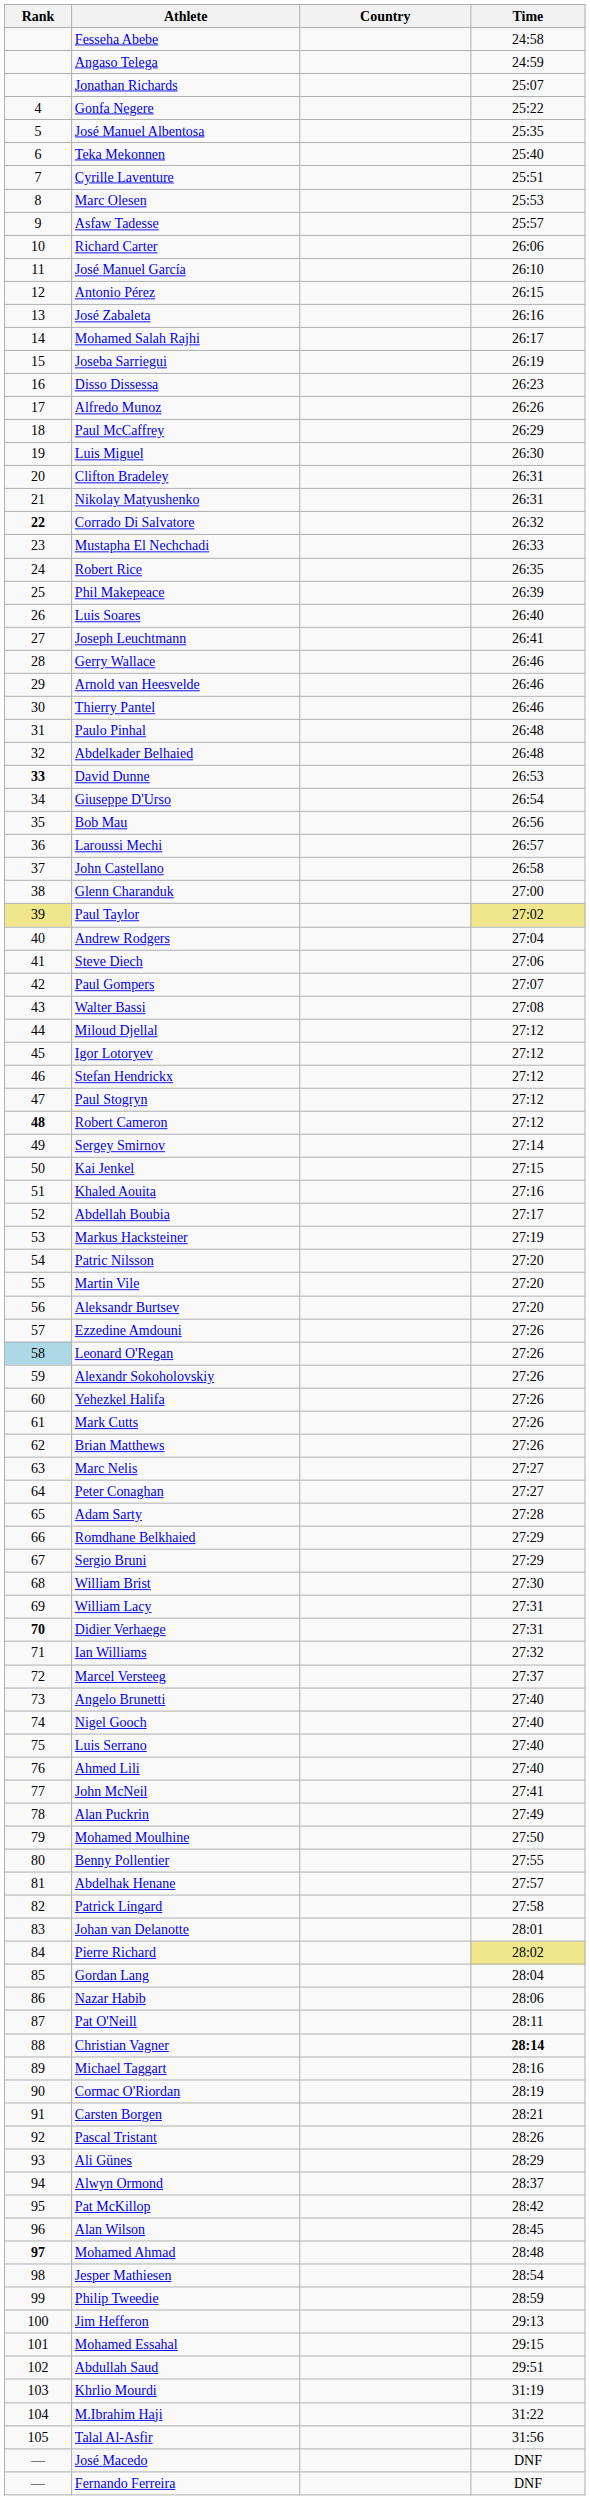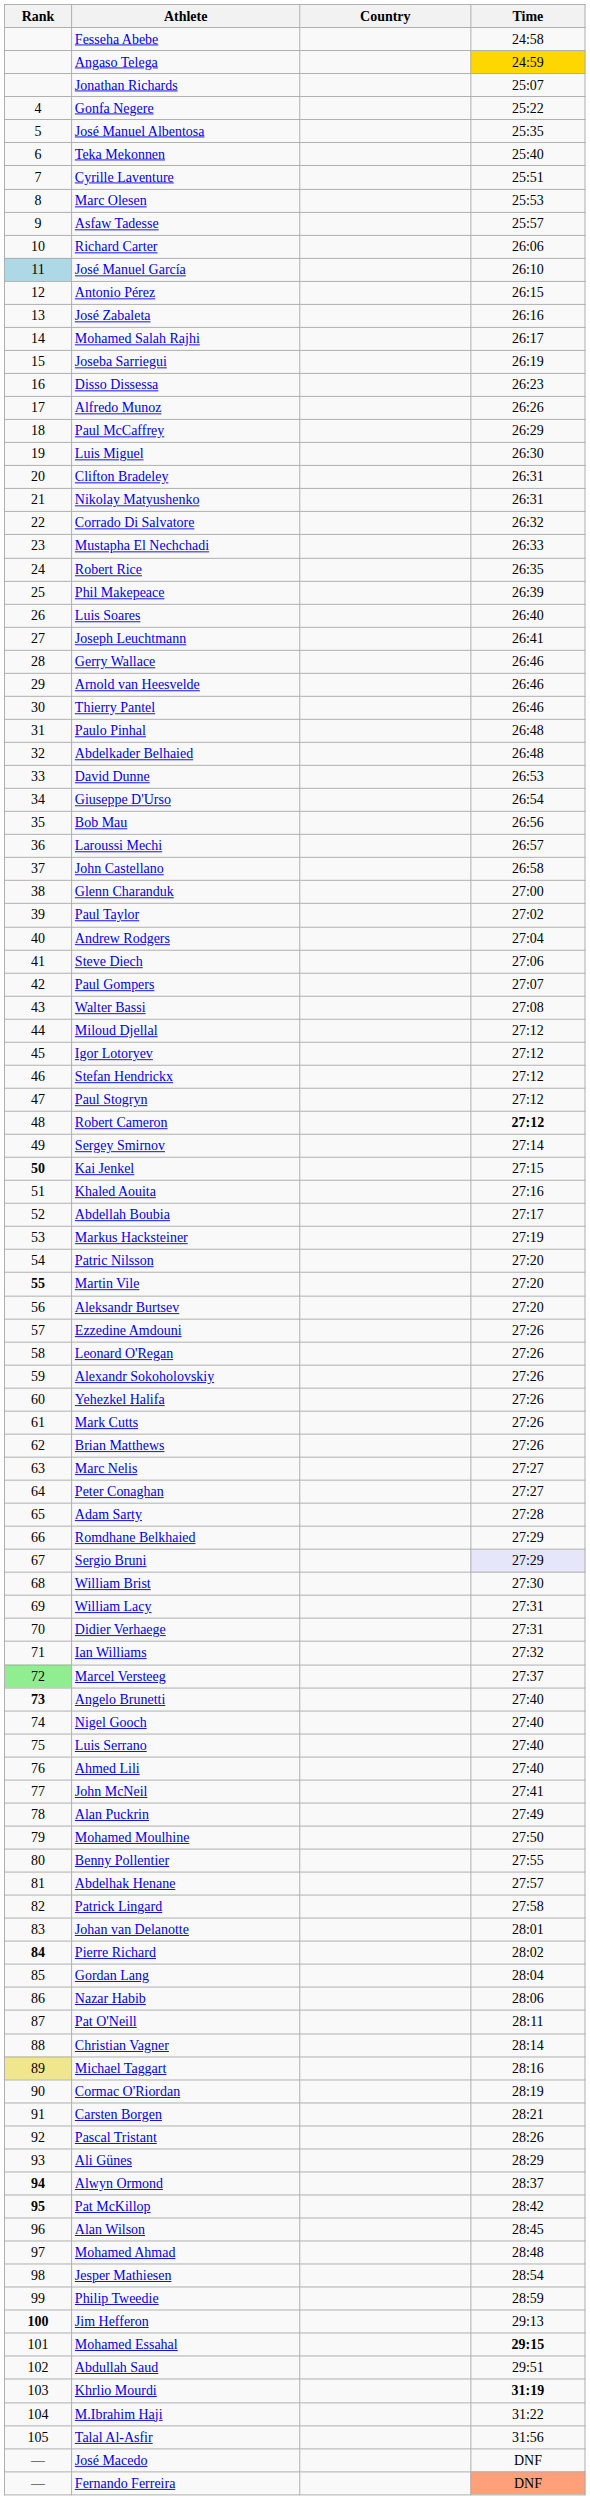 <table class="wikitable sortable" style=" text-align:center; font-size:95%;" width="50%">
 <tr>
 <th width=5%>Rank</th>
 <th width=20%>Athlete</th>
 <th width=15%>Country</th>
 <th width=10%>Time</th>
 </tr>
 <tr>
 <td align=center></td>
 <td align=left><a href='#'>Fesseha Abebe</a></td>
 <td align=left></td>
 <td>24:58</td>
 </tr>
 <tr>
 <td align=center></td>
 <td align=left><a href='#'>Angaso Telega</a></td>
 <td align=left></td>
-<td>24:59</td>
+<td style="background: gold;">24:59</td>
 </tr>
 <tr>
 <td align=center></td>
 <td align=left><a href='#'>Jonathan Richards</a></td>
 <td align=left></td>
 <td>25:07</td>
 </tr>
 <tr>
 <td align=center>4</td>
 <td align=left><a href='#'>Gonfa Negere</a></td>
 <td align=left></td>
 <td>25:22</td>
 </tr>
 <tr>
 <td align=center>5</td>
 <td align=left><a href='#'>José Manuel Albentosa</a></td>
 <td align=left></td>
 <td>25:35</td>
 </tr>
 <tr>
 <td align=center>6</td>
 <td align=left><a href='#'>Teka Mekonnen</a></td>
 <td align=left></td>
 <td>25:40</td>
 </tr>
 <tr>
 <td align=center>7</td>
 <td align=left><a href='#'>Cyrille Laventure</a></td>
 <td align=left></td>
 <td>25:51</td>
 </tr>
 <tr>
 <td align=center>8</td>
 <td align=left><a href='#'>Marc Olesen</a></td>
 <td align=left></td>
 <td>25:53</td>
 </tr>
 <tr>
 <td align=center>9</td>
 <td align=left><a href='#'>Asfaw Tadesse</a></td>
 <td align=left></td>
 <td>25:57</td>
 </tr>
 <tr>
 <td align=center>10</td>
 <td align=left><a href='#'>Richard Carter</a></td>
 <td align=left></td>
 <td>26:06</td>
 </tr>
 <tr>
-<td align=center>11</td>
+<td align=center style="background: lightblue;">11</td>
 <td align=left><a href='#'>José Manuel García</a></td>
 <td align=left></td>
 <td>26:10</td>
 </tr>
 <tr>
 <td align=center>12</td>
 <td align=left><a href='#'>Antonio Pérez</a></td>
 <td align=left></td>
 <td>26:15</td>
 </tr>
 <tr>
 <td align=center>13</td>
 <td align=left><a href='#'>José Zabaleta</a></td>
 <td align=left></td>
 <td>26:16</td>
 </tr>
 <tr>
 <td align=center>14</td>
 <td align=left><a href='#'>Mohamed Salah Rajhi</a></td>
 <td align=left></td>
 <td>26:17</td>
 </tr>
 <tr>
 <td align=center>15</td>
 <td align=left><a href='#'>Joseba Sarriegui</a></td>
 <td align=left></td>
 <td>26:19</td>
 </tr>
 <tr>
 <td align=center>16</td>
 <td align=left><a href='#'>Disso Dissessa</a></td>
 <td align=left></td>
 <td>26:23</td>
 </tr>
 <tr>
 <td align=center>17</td>
 <td align=left><a href='#'>Alfredo Munoz</a></td>
 <td align=left></td>
 <td>26:26</td>
 </tr>
 <tr>
 <td align=center>18</td>
 <td align=left><a href='#'>Paul McCaffrey</a></td>
 <td align=left></td>
 <td>26:29</td>
 </tr>
 <tr>
 <td align=center>19</td>
 <td align=left><a href='#'>Luis Miguel</a></td>
 <td align=left></td>
 <td>26:30</td>
 </tr>
 <tr>
 <td align=center>20</td>
 <td align=left><a href='#'>Clifton Bradeley</a></td>
 <td align=left></td>
 <td>26:31</td>
 </tr>
 <tr>
 <td align=center>21</td>
 <td align=left><a href='#'>Nikolay Matyushenko</a></td>
 <td align=left></td>
 <td>26:31</td>
 </tr>
 <tr>
-<td align=center><strong>22</strong></td>
+<td align=center>22</td>
 <td align=left><a href='#'>Corrado Di Salvatore</a></td>
 <td align=left></td>
 <td>26:32</td>
 </tr>
 <tr>
 <td align=center>23</td>
 <td align=left><a href='#'>Mustapha El Nechchadi</a></td>
 <td align=left></td>
 <td>26:33</td>
 </tr>
 <tr>
 <td align=center>24</td>
 <td align=left><a href='#'>Robert Rice</a></td>
 <td align=left></td>
 <td>26:35</td>
 </tr>
 <tr>
 <td align=center>25</td>
 <td align=left><a href='#'>Phil Makepeace</a></td>
 <td align=left></td>
 <td>26:39</td>
 </tr>
 <tr>
 <td align=center>26</td>
 <td align=left><a href='#'>Luis Soares</a></td>
 <td align=left></td>
 <td>26:40</td>
 </tr>
 <tr>
 <td align=center>27</td>
 <td align=left><a href='#'>Joseph Leuchtmann</a></td>
 <td align=left></td>
 <td>26:41</td>
 </tr>
 <tr>
 <td align=center>28</td>
 <td align=left><a href='#'>Gerry Wallace</a></td>
 <td align=left></td>
 <td>26:46</td>
 </tr>
 <tr>
 <td align=center>29</td>
 <td align=left><a href='#'>Arnold van Heesvelde</a></td>
 <td align=left></td>
 <td>26:46</td>
 </tr>
 <tr>
 <td align=center>30</td>
 <td align=left><a href='#'>Thierry Pantel</a></td>
 <td align=left></td>
 <td>26:46</td>
 </tr>
 <tr>
 <td align=center>31</td>
 <td align=left><a href='#'>Paulo Pinhal</a></td>
 <td align=left></td>
 <td>26:48</td>
 </tr>
 <tr>
 <td align=center>32</td>
 <td align=left><a href='#'>Abdelkader Belhaied</a></td>
 <td align=left></td>
 <td>26:48</td>
 </tr>
 <tr>
-<td align=center><strong>33</strong></td>
+<td align=center>33</td>
 <td align=left><a href='#'>David Dunne</a></td>
 <td align=left></td>
 <td>26:53</td>
 </tr>
 <tr>
 <td align=center>34</td>
 <td align=left><a href='#'>Giuseppe D'Urso</a></td>
 <td align=left></td>
 <td>26:54</td>
 </tr>
 <tr>
 <td align=center>35</td>
 <td align=left><a href='#'>Bob Mau</a></td>
 <td align=left></td>
 <td>26:56</td>
 </tr>
 <tr>
 <td align=center>36</td>
 <td align=left><a href='#'>Laroussi Mechi</a></td>
 <td align=left></td>
 <td>26:57</td>
 </tr>
 <tr>
 <td align=center>37</td>
 <td align=left><a href='#'>John Castellano</a></td>
 <td align=left></td>
 <td>26:58</td>
 </tr>
 <tr>
 <td align=center>38</td>
 <td align=left><a href='#'>Glenn Charanduk</a></td>
 <td align=left></td>
 <td>27:00</td>
 </tr>
 <tr>
-<td align=center style="background: khaki;">39</td>
+<td align=center>39</td>
 <td align=left><a href='#'>Paul Taylor</a></td>
 <td align=left></td>
-<td style="background: khaki;">27:02</td>
+<td>27:02</td>
 </tr>
 <tr>
 <td align=center>40</td>
 <td align=left><a href='#'>Andrew Rodgers</a></td>
 <td align=left></td>
 <td>27:04</td>
 </tr>
 <tr>
 <td align=center>41</td>
 <td align=left><a href='#'>Steve Diech</a></td>
 <td align=left></td>
 <td>27:06</td>
 </tr>
 <tr>
 <td align=center>42</td>
 <td align=left><a href='#'>Paul Gompers</a></td>
 <td align=left></td>
 <td>27:07</td>
 </tr>
 <tr>
 <td align=center>43</td>
 <td align=left><a href='#'>Walter Bassi</a></td>
 <td align=left></td>
 <td>27:08</td>
 </tr>
 <tr>
 <td align=center>44</td>
 <td align=left><a href='#'>Miloud Djellal</a></td>
 <td align=left></td>
 <td>27:12</td>
 </tr>
 <tr>
 <td align=center>45</td>
 <td align=left><a href='#'>Igor Lotoryev</a></td>
 <td align=left></td>
 <td>27:12</td>
 </tr>
 <tr>
 <td align=center>46</td>
 <td align=left><a href='#'>Stefan Hendrickx</a></td>
 <td align=left></td>
 <td>27:12</td>
 </tr>
 <tr>
 <td align=center>47</td>
 <td align=left><a href='#'>Paul Stogryn</a></td>
 <td align=left></td>
 <td>27:12</td>
 </tr>
 <tr>
-<td align=center><strong>48</strong></td>
+<td align=center>48</td>
 <td align=left><a href='#'>Robert Cameron</a></td>
 <td align=left></td>
-<td>27:12</td>
+<td><strong>27:12</strong></td>
 </tr>
 <tr>
 <td align=center>49</td>
 <td align=left><a href='#'>Sergey Smirnov</a></td>
 <td align=left></td>
 <td>27:14</td>
 </tr>
 <tr>
-<td align=center>50</td>
+<td align=center><strong>50</strong></td>
 <td align=left><a href='#'>Kai Jenkel</a></td>
 <td align=left></td>
 <td>27:15</td>
 </tr>
 <tr>
 <td align=center>51</td>
 <td align=left><a href='#'>Khaled Aouita</a></td>
 <td align=left></td>
 <td>27:16</td>
 </tr>
 <tr>
 <td align=center>52</td>
 <td align=left><a href='#'>Abdellah Boubia</a></td>
 <td align=left></td>
 <td>27:17</td>
 </tr>
 <tr>
 <td align=center>53</td>
 <td align=left><a href='#'>Markus Hacksteiner</a></td>
 <td align=left></td>
 <td>27:19</td>
 </tr>
 <tr>
 <td align=center>54</td>
 <td align=left><a href='#'>Patric Nilsson</a></td>
 <td align=left></td>
 <td>27:20</td>
 </tr>
 <tr>
-<td align=center>55</td>
+<td align=center><strong>55</strong></td>
 <td align=left><a href='#'>Martin Vile</a></td>
 <td align=left></td>
 <td>27:20</td>
 </tr>
 <tr>
 <td align=center>56</td>
 <td align=left><a href='#'>Aleksandr Burtsev</a></td>
 <td align=left></td>
 <td>27:20</td>
 </tr>
 <tr>
 <td align=center>57</td>
 <td align=left><a href='#'>Ezzedine Amdouni</a></td>
 <td align=left></td>
 <td>27:26</td>
 </tr>
 <tr>
-<td align=center style="background: lightblue;">58</td>
+<td align=center>58</td>
 <td align=left><a href='#'>Leonard O'Regan</a></td>
 <td align=left></td>
 <td>27:26</td>
 </tr>
 <tr>
 <td align=center>59</td>
 <td align=left><a href='#'>Alexandr Sokoholovskiy</a></td>
 <td align=left></td>
 <td>27:26</td>
 </tr>
 <tr>
 <td align=center>60</td>
 <td align=left><a href='#'>Yehezkel Halifa</a></td>
 <td align=left></td>
 <td>27:26</td>
 </tr>
 <tr>
 <td align=center>61</td>
 <td align=left><a href='#'>Mark Cutts</a></td>
 <td align=left></td>
 <td>27:26</td>
 </tr>
 <tr>
 <td align=center>62</td>
 <td align=left><a href='#'>Brian Matthews</a></td>
 <td align=left></td>
 <td>27:26</td>
 </tr>
 <tr>
 <td align=center>63</td>
 <td align=left><a href='#'>Marc Nelis</a></td>
 <td align=left></td>
 <td>27:27</td>
 </tr>
 <tr>
 <td align=center>64</td>
 <td align=left><a href='#'>Peter Conaghan</a></td>
 <td align=left></td>
 <td>27:27</td>
 </tr>
 <tr>
 <td align=center>65</td>
 <td align=left><a href='#'>Adam Sarty</a></td>
 <td align=left></td>
 <td>27:28</td>
 </tr>
 <tr>
 <td align=center>66</td>
 <td align=left><a href='#'>Romdhane Belkhaied</a></td>
 <td align=left></td>
 <td>27:29</td>
 </tr>
 <tr>
 <td align=center>67</td>
 <td align=left><a href='#'>Sergio Bruni</a></td>
 <td align=left></td>
-<td>27:29</td>
+<td style="background: lavender;">27:29</td>
 </tr>
 <tr>
 <td align=center>68</td>
 <td align=left><a href='#'>William Brist</a></td>
 <td align=left></td>
 <td>27:30</td>
 </tr>
 <tr>
 <td align=center>69</td>
 <td align=left><a href='#'>William Lacy</a></td>
 <td align=left></td>
 <td>27:31</td>
 </tr>
 <tr>
-<td align=center><strong>70</strong></td>
+<td align=center>70</td>
 <td align=left><a href='#'>Didier Verhaege</a></td>
 <td align=left></td>
 <td>27:31</td>
 </tr>
 <tr>
 <td align=center>71</td>
 <td align=left><a href='#'>Ian Williams</a></td>
 <td align=left></td>
 <td>27:32</td>
 </tr>
 <tr>
-<td align=center>72</td>
+<td align=center style="background: lightgreen;">72</td>
 <td align=left><a href='#'>Marcel Versteeg</a></td>
 <td align=left></td>
 <td>27:37</td>
 </tr>
 <tr>
-<td align=center>73</td>
+<td align=center><strong>73</strong></td>
 <td align=left><a href='#'>Angelo Brunetti</a></td>
 <td align=left></td>
 <td>27:40</td>
 </tr>
 <tr>
 <td align=center>74</td>
 <td align=left><a href='#'>Nigel Gooch</a></td>
 <td align=left></td>
 <td>27:40</td>
 </tr>
 <tr>
 <td align=center>75</td>
 <td align=left><a href='#'>Luis Serrano</a></td>
 <td align=left></td>
 <td>27:40</td>
 </tr>
 <tr>
 <td align=center>76</td>
 <td align=left><a href='#'>Ahmed Lili</a></td>
 <td align=left></td>
 <td>27:40</td>
 </tr>
 <tr>
 <td align=center>77</td>
 <td align=left><a href='#'>John McNeil</a></td>
 <td align=left></td>
 <td>27:41</td>
 </tr>
 <tr>
 <td align=center>78</td>
 <td align=left><a href='#'>Alan Puckrin</a></td>
 <td align=left></td>
 <td>27:49</td>
 </tr>
 <tr>
 <td align=center>79</td>
 <td align=left><a href='#'>Mohamed Moulhine</a></td>
 <td align=left></td>
 <td>27:50</td>
 </tr>
 <tr>
 <td align=center>80</td>
 <td align=left><a href='#'>Benny Pollentier</a></td>
 <td align=left></td>
 <td>27:55</td>
 </tr>
 <tr>
 <td align=center>81</td>
 <td align=left><a href='#'>Abdelhak Henane</a></td>
 <td align=left></td>
 <td>27:57</td>
 </tr>
 <tr>
 <td align=center>82</td>
 <td align=left><a href='#'>Patrick Lingard</a></td>
 <td align=left></td>
 <td>27:58</td>
 </tr>
 <tr>
 <td align=center>83</td>
 <td align=left><a href='#'>Johan van Delanotte</a></td>
 <td align=left></td>
 <td>28:01</td>
 </tr>
 <tr>
-<td align=center>84</td>
+<td align=center><strong>84</strong></td>
 <td align=left><a href='#'>Pierre Richard</a></td>
 <td align=left></td>
-<td style="background: khaki;">28:02</td>
+<td>28:02</td>
 </tr>
 <tr>
 <td align=center>85</td>
 <td align=left><a href='#'>Gordan Lang</a></td>
 <td align=left></td>
 <td>28:04</td>
 </tr>
 <tr>
 <td align=center>86</td>
 <td align=left><a href='#'>Nazar Habib</a></td>
 <td align=left></td>
 <td>28:06</td>
 </tr>
 <tr>
 <td align=center>87</td>
 <td align=left><a href='#'>Pat O'Neill</a></td>
 <td align=left></td>
 <td>28:11</td>
 </tr>
 <tr>
 <td align=center>88</td>
 <td align=left><a href='#'>Christian Vagner</a></td>
 <td align=left></td>
-<td><strong>28:14</strong></td>
+<td>28:14</td>
 </tr>
 <tr>
-<td align=center>89</td>
+<td align=center style="background: khaki;">89</td>
 <td align=left><a href='#'>Michael Taggart</a></td>
 <td align=left></td>
 <td>28:16</td>
 </tr>
 <tr>
 <td align=center>90</td>
 <td align=left><a href='#'>Cormac O'Riordan</a></td>
 <td align=left></td>
 <td>28:19</td>
 </tr>
 <tr>
 <td align=center>91</td>
 <td align=left><a href='#'>Carsten Borgen</a></td>
 <td align=left></td>
 <td>28:21</td>
 </tr>
 <tr>
 <td align=center>92</td>
 <td align=left><a href='#'>Pascal Tristant</a></td>
 <td align=left></td>
 <td>28:26</td>
 </tr>
 <tr>
 <td align=center>93</td>
 <td align=left><a href='#'>Ali Günes</a></td>
 <td align=left></td>
 <td>28:29</td>
 </tr>
 <tr>
-<td align=center>94</td>
+<td align=center><strong>94</strong></td>
 <td align=left><a href='#'>Alwyn Ormond</a></td>
 <td align=left></td>
 <td>28:37</td>
 </tr>
 <tr>
-<td align=center>95</td>
+<td align=center><strong>95</strong></td>
 <td align=left><a href='#'>Pat McKillop</a></td>
 <td align=left></td>
 <td>28:42</td>
 </tr>
 <tr>
 <td align=center>96</td>
 <td align=left><a href='#'>Alan Wilson</a></td>
 <td align=left></td>
 <td>28:45</td>
 </tr>
 <tr>
-<td align=center><strong>97</strong></td>
+<td align=center>97</td>
 <td align=left><a href='#'>Mohamed Ahmad</a></td>
 <td align=left></td>
 <td>28:48</td>
 </tr>
 <tr>
 <td align=center>98</td>
 <td align=left><a href='#'>Jesper Mathiesen</a></td>
 <td align=left></td>
 <td>28:54</td>
 </tr>
 <tr>
 <td align=center>99</td>
 <td align=left><a href='#'>Philip Tweedie</a></td>
 <td align=left></td>
 <td>28:59</td>
 </tr>
 <tr>
-<td align=center>100</td>
+<td align=center><strong>100</strong></td>
 <td align=left><a href='#'>Jim Hefferon</a></td>
 <td align=left></td>
 <td>29:13</td>
 </tr>
 <tr>
 <td align=center>101</td>
 <td align=left><a href='#'>Mohamed Essahal</a></td>
 <td align=left></td>
-<td>29:15</td>
+<td><strong>29:15</strong></td>
 </tr>
 <tr>
 <td align=center>102</td>
 <td align=left><a href='#'>Abdullah Saud</a></td>
 <td align=left></td>
 <td>29:51</td>
 </tr>
 <tr>
 <td align=center>103</td>
 <td align=left><a href='#'>Khrlio Mourdi</a></td>
 <td align=left></td>
-<td>31:19</td>
+<td><strong>31:19</strong></td>
 </tr>
 <tr>
 <td align=center>104</td>
 <td align=left><a href='#'>M.Ibrahim Haji</a></td>
 <td align=left></td>
 <td>31:22</td>
 </tr>
 <tr>
 <td align=center>105</td>
 <td align=left><a href='#'>Talal Al-Asfir</a></td>
 <td align=left></td>
 <td>31:56</td>
 </tr>
 <tr>
 <td align=center>—</td>
 <td align=left><a href='#'>José Macedo</a></td>
 <td align=left></td>
 <td>DNF</td>
 </tr>
 <tr>
 <td align=center>—</td>
 <td align=left><a href='#'>Fernando Ferreira</a></td>
 <td align=left></td>
-<td>DNF</td>
+<td style="background: lightsalmon;">DNF</td>
 </tr>
 </table>
